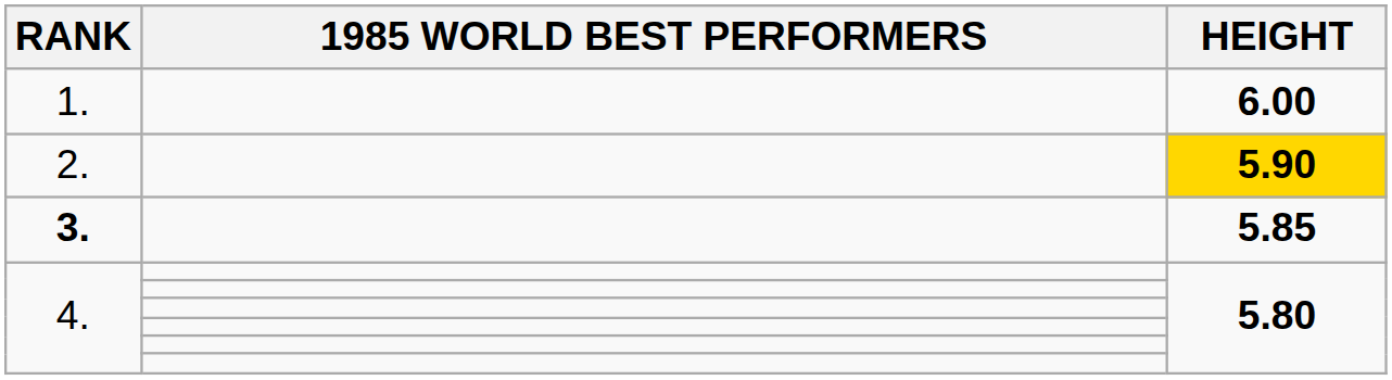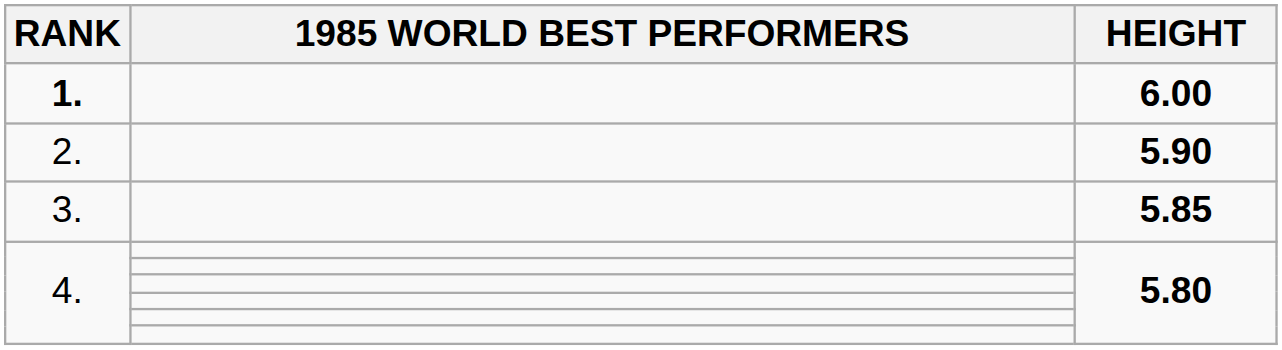 <table class="wikitable sortable">
 <tr>
 <th>RANK</th>
 <th align="center" style="width: 25em">1985 WORLD BEST PERFORMERS</th>
 <th align="center" style="width: 5em">HEIGHT</th>
 </tr>
 <tr>
-<td align="center">1.</td>
+<td align="center"><strong>1.</strong></td>
 <td></td>
 <td align="center"><strong>6.00</strong></td>
 </tr>
 <tr>
 <td align="center">2.</td>
 <td></td>
-<td align="center" style="background: gold;"><strong>5.90</strong></td>
+<td align="center"><strong>5.90</strong></td>
 </tr>
 <tr>
-<td align="center"><strong>3.</strong></td>
+<td align="center">3.</td>
 <td></td>
 <td align="center"><strong>5.85</strong></td>
 </tr>
 <tr>
 <td rowspan=6 align="center">4.</td>
 <td></td>
 <td rowspan=6 align="center"><strong>5.80</strong></td>
 </tr>
 <tr>
 <td></td>
 </tr>
 <tr>
 <td></td>
 </tr>
 <tr>
 <td></td>
 </tr>
 <tr>
 <td></td>
 </tr>
 <tr>
 <td></td>
 </tr>
 </table>
